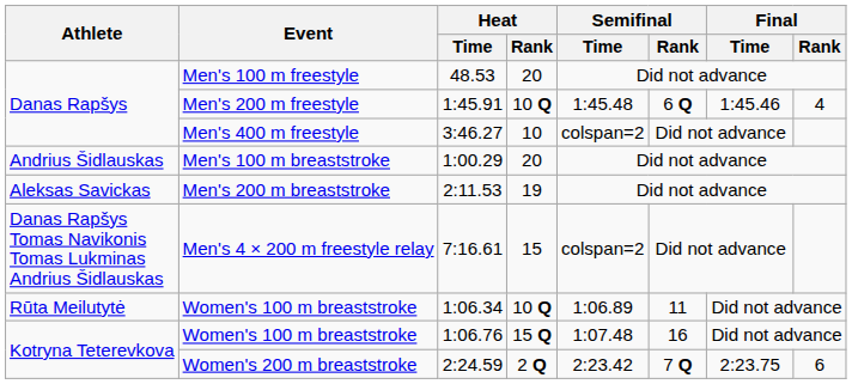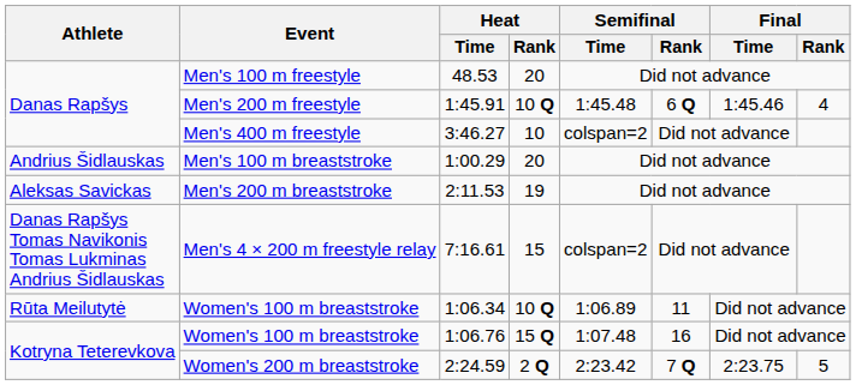 <table class=wikitable style="font-size:90%">
 <tr>
 <th rowspan="2">Athlete</th>
 <th rowspan="2">Event</th>
 <th colspan="2">Heat</th>
 <th colspan="2">Semifinal</th>
 <th colspan="2">Final</th>
 </tr>
 <tr style="font-size:95%">
 <th>Time</th>
 <th>Rank</th>
 <th>Time</th>
 <th>Rank</th>
 <th>Time</th>
 <th>Rank</th>
 </tr>
 <tr align=center>
 <td align=left rowspan=3><a href='#'>Danas Rapšys</a></td>
 <td align=left><a href='#'>Men's 100 m freestyle</a></td>
 <td>48.53</td>
 <td>20</td>
 <td colspan="4">Did not advance</td>
 </tr>
 <tr align=center>
 <td align=left><a href='#'>Men's 200 m freestyle</a></td>
 <td>1:45.91</td>
 <td>10 <strong>Q</strong></td>
 <td>1:45.48</td>
 <td>6 <strong>Q</strong></td>
 <td>1:45.46</td>
 <td>4</td>
 </tr>
 <tr align=center>
 <td align=left><a href='#'>Men's 400 m freestyle</a></td>
 <td>3:46.27</td>
 <td>10</td>
 <td>colspan=2 </td>
 <td colspan="2">Did not advance</td>
 </tr>
 <tr align=center>
 <td align=left><a href='#'>Andrius Šidlauskas</a></td>
 <td align=left><a href='#'>Men's 100 m breaststroke</a></td>
 <td>1:00.29</td>
 <td>20</td>
 <td colspan="4">Did not advance</td>
 </tr>
 <tr align=center>
 <td align=left><a href='#'>Aleksas Savickas</a></td>
 <td align=left><a href='#'>Men's 200 m breaststroke</a></td>
 <td>2:11.53</td>
 <td>19</td>
 <td colspan="4">Did not advance</td>
 </tr>
 <tr align=center>
 <td align=left><a href='#'>Danas Rapšys</a><br><a href='#'>Tomas Navikonis</a><br><a href='#'>Tomas Lukminas</a><br><a href='#'>Andrius Šidlauskas</a></td>
 <td align=left><a href='#'>Men's 4 × 200 m freestyle relay</a></td>
 <td>7:16.61</td>
 <td>15</td>
 <td>colspan=2 </td>
 <td colspan="2">Did not advance</td>
 </tr>
 <tr align=center>
 <td align=left><a href='#'>Rūta Meilutytė</a></td>
 <td align=left><a href='#'>Women's 100 m breaststroke</a></td>
 <td>1:06.34</td>
 <td>10 <strong>Q</strong></td>
 <td>1:06.89</td>
 <td>11</td>
 <td colspan="2">Did not advance</td>
 </tr>
 <tr align=center>
 <td align=left rowspan=2><a href='#'>Kotryna Teterevkova</a></td>
 <td align=left><a href='#'>Women's 100 m breaststroke</a></td>
 <td>1:06.76</td>
 <td>15 <strong>Q</strong></td>
 <td>1:07.48</td>
 <td>16</td>
 <td colspan="2">Did not advance</td>
 </tr>
 <tr align=center>
 <td align=left><a href='#'>Women's 200 m breaststroke</a></td>
 <td>2:24.59</td>
 <td>2 <strong>Q</strong></td>
 <td>2:23.42</td>
 <td>7 <strong>Q</strong></td>
 <td>2:23.75</td>
-<td>6</td>
+<td>5</td>
 </tr>
 </table>
